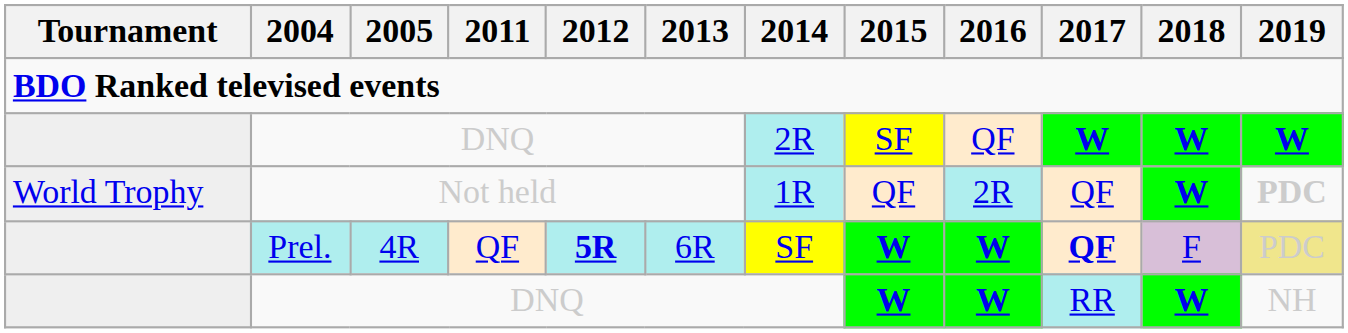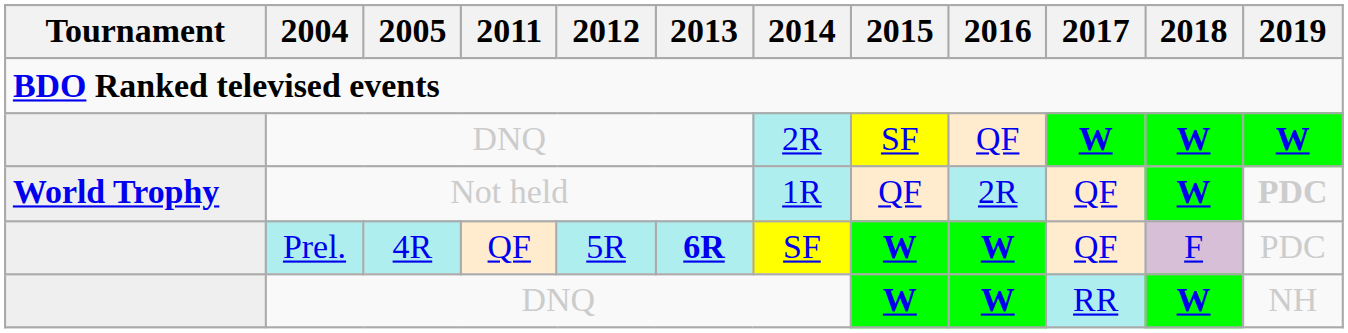 <table class="wikitable" style="width:50%; margin:0">
 <tr>
 <th>Tournament</th>
 <th>2004</th>
 <th>2005</th>
 <th>2011</th>
 <th>2012</th>
 <th>2013</th>
 <th>2014</th>
 <th>2015</th>
 <th>2016</th>
 <th>2017</th>
 <th>2018</th>
 <th>2019</th>
 </tr>
 <tr>
 <td colspan="21" align="left"><strong><a href='#'>BDO</a> Ranked televised events</strong></td>
 </tr>
 <tr>
 <td style="background:#efefef;"></td>
 <td colspan="5" style="text-align:center; color:#ccc;">DNQ</td>
 <td style="text-align:center; background:#afeeee;"><a href='#'>2R</a></td>
 <td style="text-align:center; background:yellow;"><a href='#'>SF</a></td>
 <td style="text-align:center; background:#ffebcd;"><a href='#'>QF</a></td>
 <td style="text-align:center; background:lime;"><strong><a href='#'>W</a></strong></td>
 <td style="text-align:center; background:lime;"><strong><a href='#'>W</a></strong></td>
 <td style="text-align:center; background:lime;"><strong><a href='#'>W</a></strong></td>
 </tr>
 <tr>
-<td style="background:#efefef;"><a href='#'>World Trophy</a></td>
+<td style="background:#efefef;"><strong><a href='#'>World Trophy</a></strong></td>
 <td colspan="5" style="text-align:center; color:#ccc;">Not held</td>
 <td style="text-align:center; background:#afeeee;"><a href='#'>1R</a></td>
 <td style="text-align:center; background:#ffebcd;"><a href='#'>QF</a></td>
 <td style="text-align:center; background:#afeeee;"><a href='#'>2R</a></td>
 <td style="text-align:center; background:#ffebcd;"><a href='#'>QF</a></td>
 <td style="text-align:center; background:lime;"><strong><a href='#'>W</a></strong></td>
 <td style="text-align:center; color:#ccc;"><strong>PDC</strong></td>
 </tr>
 <tr>
 <td style="background:#efefef;"></td>
 <td style="text-align:center; background:#afeeee;"><a href='#'>Prel.</a></td>
 <td style="text-align:center; background:#afeeee;"><a href='#'>4R</a></td>
 <td style="text-align:center; background:#ffebcd;"><a href='#'>QF</a></td>
-<td style="text-align:center; background:#afeeee;"><strong><a href='#'>5R</a></strong></td>
-<td style="text-align:center; background:#afeeee;"><a href='#'>6R</a></td>
+<td style="text-align:center; background:#afeeee;"><a href='#'>5R</a></td>
+<td style="text-align:center; background:#afeeee;"><strong><a href='#'>6R</a></strong></td>
 <td style="text-align:center; background:yellow;"><a href='#'>SF</a></td>
 <td style="text-align:center; background:lime;"><strong><a href='#'>W</a></strong></td>
 <td style="text-align:center; background:lime;"><strong><a href='#'>W</a></strong></td>
-<td style="text-align:center; background:#ffebcd;"><strong><a href='#'>QF</a></strong></td>
+<td style="text-align:center; background:#ffebcd;"><a href='#'>QF</a></td>
 <td style="text-align:center; background:thistle;"><a href='#'>F</a></td>
-<td style="background: khaki; text-align:center; color:#ccc;">PDC</td>
+<td style="text-align:center; color:#ccc;">PDC</td>
 </tr>
 <tr>
 <td style="background:#efefef;"></td>
 <td colspan="6" style="text-align:center; color:#ccc;">DNQ</td>
 <td style="text-align:center; background:lime;"><strong><a href='#'>W</a></strong></td>
 <td style="text-align:center; background:lime;"><strong><a href='#'>W</a></strong></td>
 <td style="text-align:center; background:#afeeee;"><a href='#'>RR</a></td>
 <td style="text-align:center; background:lime;"><strong><a href='#'>W</a></strong></td>
 <td style="text-align:center; color:#ccc;">NH</td>
 </tr>
 </table>
